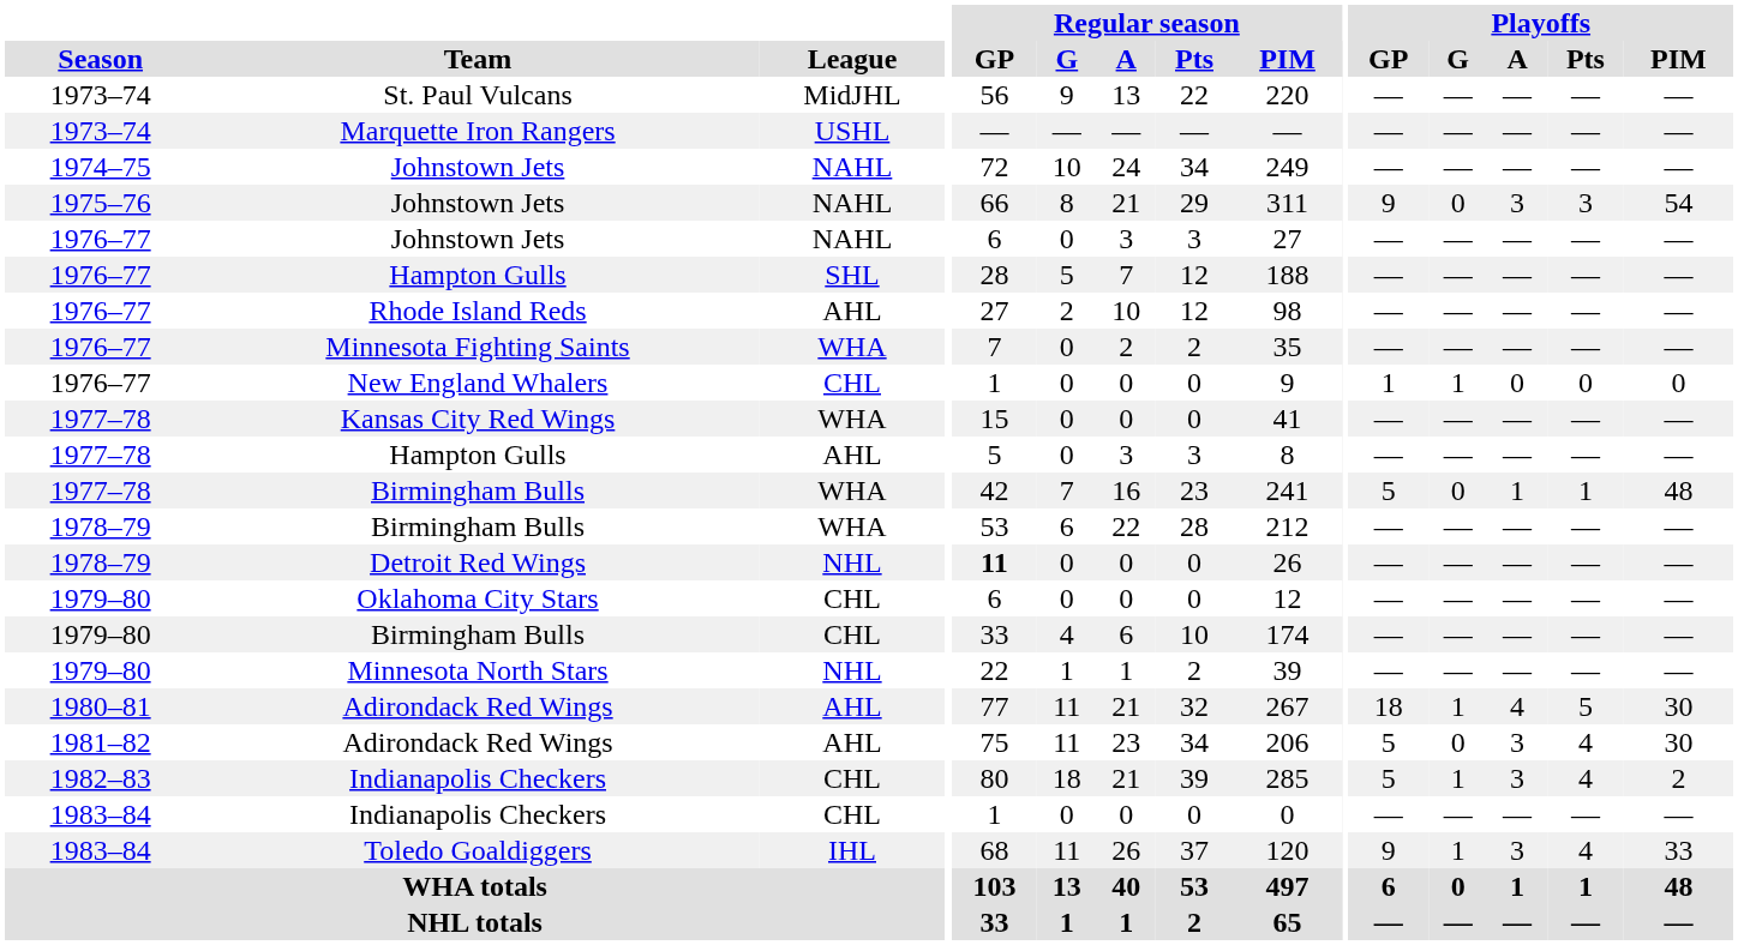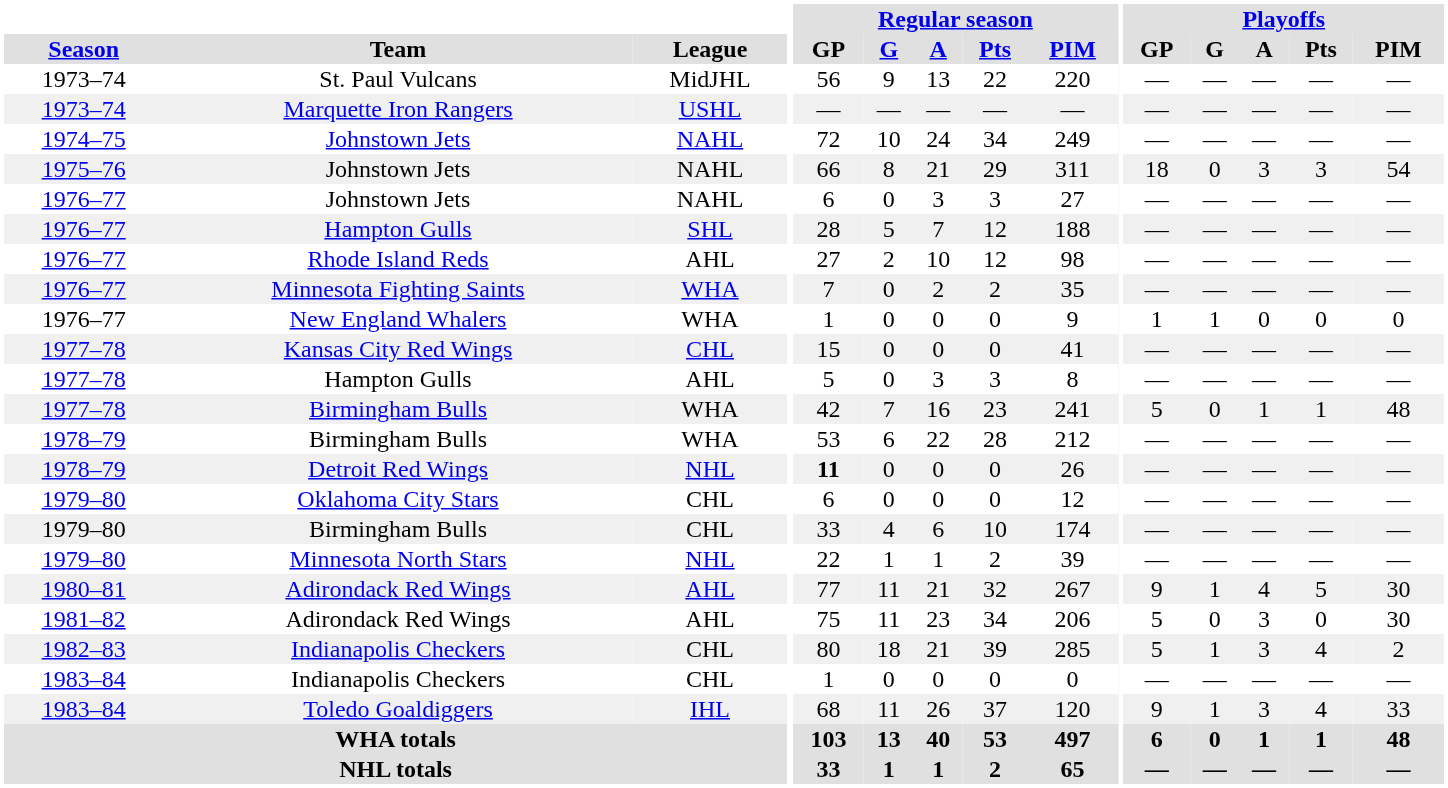 <table border="0" cellpadding="1" cellspacing="0" style="text-align:center; width:60em">
 <tr bgcolor="#e0e0e0">
 <th colspan="3" bgcolor="#ffffff"></th>
 <th rowspan="100" bgcolor="#ffffff"></th>
 <th colspan="5"><a href='#'>Regular season</a></th>
 <th rowspan="100" bgcolor="#ffffff"></th>
 <th colspan="5"><a href='#'>Playoffs</a></th>
 </tr>
 <tr bgcolor="#e0e0e0">
 <th><a href='#'>Season</a></th>
 <th>Team</th>
 <th>League</th>
 <th>GP</th>
 <th><a href='#'>G</a></th>
 <th><a href='#'>A</a></th>
 <th><a href='#'>Pts</a></th>
 <th><a href='#'>PIM</a></th>
 <th>GP</th>
 <th>G</th>
 <th>A</th>
 <th>Pts</th>
 <th>PIM</th>
 </tr>
 <tr>
 <td>1973–74</td>
 <td>St. Paul Vulcans</td>
 <td>MidJHL</td>
 <td>56</td>
 <td>9</td>
 <td>13</td>
 <td>22</td>
 <td>220</td>
 <td>—</td>
 <td>—</td>
 <td>—</td>
 <td>—</td>
 <td>—</td>
 </tr>
 <tr bgcolor="#f0f0f0">
 <td><a href='#'>1973–74</a></td>
 <td><a href='#'>Marquette Iron Rangers</a></td>
 <td><a href='#'>USHL</a></td>
 <td>—</td>
 <td>—</td>
 <td>—</td>
 <td>—</td>
 <td>—</td>
 <td>—</td>
 <td>—</td>
 <td>—</td>
 <td>—</td>
 <td>—</td>
 </tr>
 <tr>
 <td><a href='#'>1974–75</a></td>
 <td><a href='#'>Johnstown Jets</a></td>
 <td><a href='#'>NAHL</a></td>
 <td>72</td>
 <td>10</td>
 <td>24</td>
 <td>34</td>
 <td>249</td>
 <td>—</td>
 <td>—</td>
 <td>—</td>
 <td>—</td>
 <td>—</td>
 </tr>
 <tr bgcolor="#f0f0f0">
 <td><a href='#'>1975–76</a></td>
 <td>Johnstown Jets</td>
 <td>NAHL</td>
 <td>66</td>
 <td>8</td>
 <td>21</td>
 <td>29</td>
 <td>311</td>
-<td>9</td>
+<td>18</td>
 <td>0</td>
 <td>3</td>
 <td>3</td>
 <td>54</td>
 </tr>
 <tr>
 <td><a href='#'>1976–77</a></td>
 <td>Johnstown Jets</td>
 <td>NAHL</td>
 <td>6</td>
 <td>0</td>
 <td>3</td>
 <td>3</td>
 <td>27</td>
 <td>—</td>
 <td>—</td>
 <td>—</td>
 <td>—</td>
 <td>—</td>
 </tr>
 <tr bgcolor="#f0f0f0">
 <td><a href='#'>1976–77</a></td>
 <td><a href='#'>Hampton Gulls</a></td>
 <td><a href='#'>SHL</a></td>
 <td>28</td>
 <td>5</td>
 <td>7</td>
 <td>12</td>
 <td>188</td>
 <td>—</td>
 <td>—</td>
 <td>—</td>
 <td>—</td>
 <td>—</td>
 </tr>
 <tr>
 <td><a href='#'>1976–77</a></td>
 <td><a href='#'>Rhode Island Reds</a></td>
 <td>AHL</td>
 <td>27</td>
 <td>2</td>
 <td>10</td>
 <td>12</td>
 <td>98</td>
 <td>—</td>
 <td>—</td>
 <td>—</td>
 <td>—</td>
 <td>—</td>
 </tr>
 <tr bgcolor="#f0f0f0">
 <td><a href='#'>1976–77</a></td>
 <td><a href='#'>Minnesota Fighting Saints</a></td>
 <td><a href='#'>WHA</a></td>
 <td>7</td>
 <td>0</td>
 <td>2</td>
 <td>2</td>
 <td>35</td>
 <td>—</td>
 <td>—</td>
 <td>—</td>
 <td>—</td>
 <td>—</td>
 </tr>
 <tr>
 <td>1976–77</td>
 <td><a href='#'>New England Whalers</a></td>
-<td><a href='#'>CHL</a></td>
+<td>WHA</td>
 <td>1</td>
 <td>0</td>
 <td>0</td>
 <td>0</td>
 <td>9</td>
 <td>1</td>
 <td>1</td>
 <td>0</td>
 <td>0</td>
 <td>0</td>
 </tr>
 <tr bgcolor="#f0f0f0">
 <td><a href='#'>1977–78</a></td>
 <td><a href='#'>Kansas City Red Wings</a></td>
-<td>WHA</td>
+<td><a href='#'>CHL</a></td>
 <td>15</td>
 <td>0</td>
 <td>0</td>
 <td>0</td>
 <td>41</td>
 <td>—</td>
 <td>—</td>
 <td>—</td>
 <td>—</td>
 <td>—</td>
 </tr>
 <tr>
 <td><a href='#'>1977–78</a></td>
 <td>Hampton Gulls</td>
 <td>AHL</td>
 <td>5</td>
 <td>0</td>
 <td>3</td>
 <td>3</td>
 <td>8</td>
 <td>—</td>
 <td>—</td>
 <td>—</td>
 <td>—</td>
 <td>—</td>
 </tr>
 <tr bgcolor="#f0f0f0">
 <td><a href='#'>1977–78</a></td>
 <td><a href='#'>Birmingham Bulls</a></td>
 <td>WHA</td>
 <td>42</td>
 <td>7</td>
 <td>16</td>
 <td>23</td>
 <td>241</td>
 <td>5</td>
 <td>0</td>
 <td>1</td>
 <td>1</td>
 <td>48</td>
 </tr>
 <tr>
 <td><a href='#'>1978–79</a></td>
 <td>Birmingham Bulls</td>
 <td>WHA</td>
 <td>53</td>
 <td>6</td>
 <td>22</td>
 <td>28</td>
 <td>212</td>
 <td>—</td>
 <td>—</td>
 <td>—</td>
 <td>—</td>
 <td>—</td>
 </tr>
 <tr bgcolor="#f0f0f0">
 <td><a href='#'>1978–79</a></td>
 <td><a href='#'>Detroit Red Wings</a></td>
 <td><a href='#'>NHL</a></td>
 <td><strong>11</strong></td>
 <td>0</td>
 <td>0</td>
 <td>0</td>
 <td>26</td>
 <td>—</td>
 <td>—</td>
 <td>—</td>
 <td>—</td>
 <td>—</td>
 </tr>
 <tr>
 <td><a href='#'>1979–80</a></td>
 <td><a href='#'>Oklahoma City Stars</a></td>
 <td>CHL</td>
 <td>6</td>
 <td>0</td>
 <td>0</td>
 <td>0</td>
 <td>12</td>
 <td>—</td>
 <td>—</td>
 <td>—</td>
 <td>—</td>
 <td>—</td>
 </tr>
 <tr bgcolor="#f0f0f0">
 <td>1979–80</td>
 <td>Birmingham Bulls</td>
 <td>CHL</td>
 <td>33</td>
 <td>4</td>
 <td>6</td>
 <td>10</td>
 <td>174</td>
 <td>—</td>
 <td>—</td>
 <td>—</td>
 <td>—</td>
 <td>—</td>
 </tr>
 <tr>
 <td><a href='#'>1979–80</a></td>
 <td><a href='#'>Minnesota North Stars</a></td>
 <td><a href='#'>NHL</a></td>
 <td>22</td>
 <td>1</td>
 <td>1</td>
 <td>2</td>
 <td>39</td>
 <td>—</td>
 <td>—</td>
 <td>—</td>
 <td>—</td>
 <td>—</td>
 </tr>
 <tr bgcolor="#f0f0f0">
 <td><a href='#'>1980–81</a></td>
 <td><a href='#'>Adirondack Red Wings</a></td>
 <td><a href='#'>AHL</a></td>
 <td>77</td>
 <td>11</td>
 <td>21</td>
 <td>32</td>
 <td>267</td>
-<td>18</td>
+<td>9</td>
 <td>1</td>
 <td>4</td>
 <td>5</td>
 <td>30</td>
 </tr>
 <tr>
 <td><a href='#'>1981–82</a></td>
 <td>Adirondack Red Wings</td>
 <td>AHL</td>
 <td>75</td>
 <td>11</td>
 <td>23</td>
 <td>34</td>
 <td>206</td>
 <td>5</td>
 <td>0</td>
 <td>3</td>
-<td>4</td>
+<td>0</td>
 <td>30</td>
 </tr>
 <tr bgcolor="#f0f0f0">
 <td><a href='#'>1982–83</a></td>
 <td><a href='#'>Indianapolis Checkers</a></td>
 <td>CHL</td>
 <td>80</td>
 <td>18</td>
 <td>21</td>
 <td>39</td>
 <td>285</td>
 <td>5</td>
 <td>1</td>
 <td>3</td>
 <td>4</td>
 <td>2</td>
 </tr>
 <tr>
 <td><a href='#'>1983–84</a></td>
 <td>Indianapolis Checkers</td>
 <td>CHL</td>
 <td>1</td>
 <td>0</td>
 <td>0</td>
 <td>0</td>
 <td>0</td>
 <td>—</td>
 <td>—</td>
 <td>—</td>
 <td>—</td>
 <td>—</td>
 </tr>
 <tr bgcolor="#f0f0f0">
 <td><a href='#'>1983–84</a></td>
 <td><a href='#'>Toledo Goaldiggers</a></td>
 <td><a href='#'>IHL</a></td>
 <td>68</td>
 <td>11</td>
 <td>26</td>
 <td>37</td>
 <td>120</td>
 <td>9</td>
 <td>1</td>
 <td>3</td>
 <td>4</td>
 <td>33</td>
 </tr>
 <tr bgcolor="#e0e0e0">
 <th colspan="3">WHA totals</th>
 <th>103</th>
 <th>13</th>
 <th>40</th>
 <th>53</th>
 <th>497</th>
 <th>6</th>
 <th>0</th>
 <th>1</th>
 <th>1</th>
 <th>48</th>
 </tr>
 <tr bgcolor="#e0e0e0">
 <th colspan="3">NHL totals</th>
 <th>33</th>
 <th>1</th>
 <th>1</th>
 <th>2</th>
 <th>65</th>
 <th>—</th>
 <th>—</th>
 <th>—</th>
 <th>—</th>
 <th>—</th>
 </tr>
 </table>
